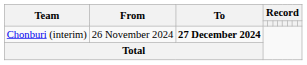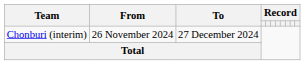 <table class="wikitable" style="text-align: center;">
 <tr>
 <th rowspan="2">Team</th>
 <th rowspan="2">From</th>
 <th rowspan="2">To</th>
 <th colspan="8">Record</th>
 </tr>
 <tr>
 <th></th>
 <th></th>
 <th></th>
 <th></th>
 <th></th>
 <th></th>
 <th></th>
 <th></th>
 </tr>
 <tr>
 <td><a href='#'>Chonburi</a> (interim)</td>
 <td>26 November 2024</td>
-<td><strong>27 December 2024<br></strong></td>
+<td>27 December 2024<br></td>
 </tr>
 <tr>
 <th colspan="3">Total<br></th>
 </tr>
 </table>
